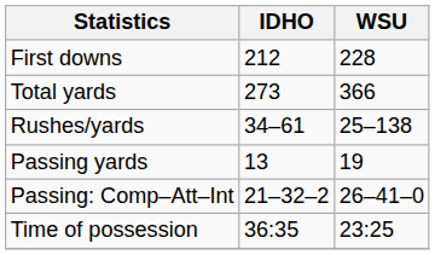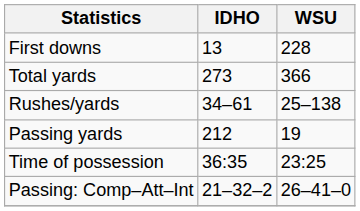 <table class="wikitable" style="float: left;">
 <tr>
 <th>Statistics</th>
 <th>IDHO</th>
 <th>WSU</th>
 </tr>
 <tr>
 <td>First downs</td>
-<td>212</td>
+<td>13</td>
 <td>228</td>
 </tr>
 <tr>
 <td>Total yards</td>
 <td>273</td>
 <td>366</td>
 </tr>
 <tr>
 <td>Rushes/yards</td>
 <td>34–61</td>
 <td>25–138</td>
 </tr>
 <tr>
 <td>Passing yards</td>
-<td>13</td>
+<td>212</td>
 <td>19</td>
+</tr>
+<tr>
+<td>Time of possession</td>
+<td>36:35</td>
+<td>23:25</td>
 </tr>
 <tr>
 <td>Passing: Comp–Att–Int</td>
 <td>21–32–2</td>
 <td>26–41–0</td>
 </tr>
 <tr>
-<td>Time of possession</td>
-<td>36:35</td>
-<td>23:25</td>
-</tr>
-<tr>
 </tr>
 </table>
